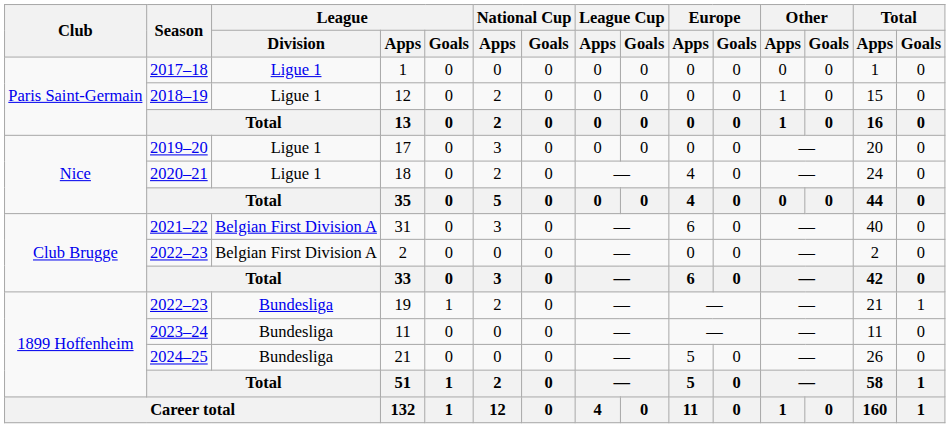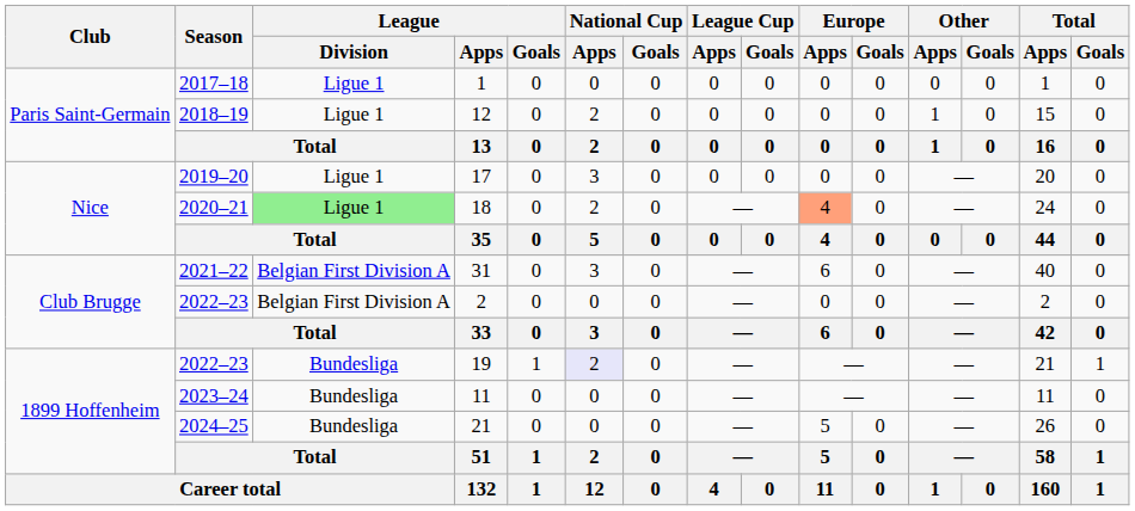 <table class="wikitable" style="text-align: center;">
 <tr>
 <th rowspan="2">Club</th>
 <th rowspan="2">Season</th>
 <th colspan="3">League</th>
 <th colspan="2">National Cup</th>
 <th colspan="2">League Cup</th>
 <th colspan="2">Europe</th>
 <th colspan="2">Other</th>
 <th colspan="2">Total</th>
 </tr>
 <tr>
 <th>Division</th>
 <th>Apps</th>
 <th>Goals</th>
 <th>Apps</th>
 <th>Goals</th>
 <th>Apps</th>
 <th>Goals</th>
 <th>Apps</th>
 <th>Goals</th>
 <th>Apps</th>
 <th>Goals</th>
 <th>Apps</th>
 <th>Goals</th>
 </tr>
 <tr>
 <td rowspan="3" valign="center"><a href='#'>Paris Saint-Germain</a></td>
 <td><a href='#'>2017–18</a></td>
 <td><a href='#'>Ligue 1</a></td>
 <td>1</td>
 <td>0</td>
 <td>0</td>
 <td>0</td>
 <td>0</td>
 <td>0</td>
 <td>0</td>
 <td>0</td>
 <td>0</td>
 <td>0</td>
 <td>1</td>
 <td>0</td>
 </tr>
 <tr>
 <td><a href='#'>2018–19</a></td>
 <td>Ligue 1</td>
 <td>12</td>
 <td>0</td>
 <td>2</td>
 <td>0</td>
 <td>0</td>
 <td>0</td>
 <td>0</td>
 <td>0</td>
 <td>1</td>
 <td>0</td>
 <td>15</td>
 <td>0</td>
 </tr>
 <tr>
 <th colspan="2">Total</th>
 <th>13</th>
 <th>0</th>
 <th>2</th>
 <th>0</th>
 <th>0</th>
 <th>0</th>
 <th>0</th>
 <th>0</th>
 <th>1</th>
 <th>0</th>
 <th>16</th>
 <th>0</th>
 </tr>
 <tr>
 <td rowspan="3" valign="center"><a href='#'>Nice</a></td>
 <td><a href='#'>2019–20</a></td>
 <td>Ligue 1</td>
 <td>17</td>
 <td>0</td>
 <td>3</td>
 <td>0</td>
 <td>0</td>
 <td>0</td>
 <td>0</td>
 <td>0</td>
 <td colspan="2">—</td>
 <td>20</td>
 <td>0</td>
 </tr>
 <tr>
 <td><a href='#'>2020–21</a></td>
-<td>Ligue 1</td>
+<td style="background: lightgreen;">Ligue 1</td>
 <td>18</td>
 <td>0</td>
 <td>2</td>
 <td>0</td>
 <td colspan="2">—</td>
-<td>4</td>
+<td style="background: lightsalmon;">4</td>
 <td>0</td>
 <td colspan="2">—</td>
 <td>24</td>
 <td>0</td>
 </tr>
 <tr>
 <th colspan="2">Total</th>
 <th>35</th>
 <th>0</th>
 <th>5</th>
 <th>0</th>
 <th>0</th>
 <th>0</th>
 <th>4</th>
 <th>0</th>
 <th>0</th>
 <th>0</th>
 <th>44</th>
 <th>0</th>
 </tr>
 <tr>
 <td rowspan="3"><a href='#'>Club Brugge</a></td>
 <td><a href='#'>2021–22</a></td>
 <td><a href='#'>Belgian First Division A</a></td>
 <td>31</td>
 <td>0</td>
 <td>3</td>
 <td>0</td>
 <td colspan="2">—</td>
 <td>6</td>
 <td>0</td>
 <td colspan="2">—</td>
 <td>40</td>
 <td>0</td>
 </tr>
 <tr>
 <td><a href='#'>2022–23</a></td>
 <td>Belgian First Division A</td>
 <td>2</td>
 <td>0</td>
 <td>0</td>
 <td>0</td>
 <td colspan="2">—</td>
 <td>0</td>
 <td>0</td>
 <td colspan="2">—</td>
 <td>2</td>
 <td>0</td>
 </tr>
 <tr>
 <th colspan="2">Total</th>
 <th>33</th>
 <th>0</th>
 <th>3</th>
 <th>0</th>
 <th colspan="2">—</th>
 <th>6</th>
 <th>0</th>
 <th colspan="2">—</th>
 <th>42</th>
 <th>0</th>
 </tr>
 <tr>
 <td rowspan="4"><a href='#'>1899 Hoffenheim</a></td>
 <td><a href='#'>2022–23</a></td>
 <td><a href='#'>Bundesliga</a></td>
 <td>19</td>
 <td>1</td>
-<td>2</td>
+<td style="background: lavender;">2</td>
 <td>0</td>
 <td colspan="2">—</td>
 <td colspan="2">—</td>
 <td colspan="2">—</td>
 <td>21</td>
 <td>1</td>
 </tr>
 <tr>
 <td><a href='#'>2023–24</a></td>
 <td>Bundesliga</td>
 <td>11</td>
 <td>0</td>
 <td>0</td>
 <td>0</td>
 <td colspan="2">—</td>
 <td colspan="2">—</td>
 <td colspan="2">—</td>
 <td>11</td>
 <td>0</td>
 </tr>
 <tr>
 <td><a href='#'>2024–25</a></td>
 <td>Bundesliga</td>
 <td>21</td>
 <td>0</td>
 <td>0</td>
 <td>0</td>
 <td colspan="2">—</td>
 <td>5</td>
 <td>0</td>
 <td colspan="2">—</td>
 <td>26</td>
 <td>0</td>
 </tr>
 <tr>
 <th colspan="2">Total</th>
 <th>51</th>
 <th>1</th>
 <th>2</th>
 <th>0</th>
 <th colspan="2">—</th>
 <th>5</th>
 <th>0</th>
 <th colspan="2">—</th>
 <th>58</th>
 <th>1</th>
 </tr>
 <tr>
 <th colspan="3">Career total</th>
 <th>132</th>
 <th>1</th>
 <th>12</th>
 <th>0</th>
 <th>4</th>
 <th>0</th>
 <th>11</th>
 <th>0</th>
 <th>1</th>
 <th>0</th>
 <th>160</th>
 <th>1</th>
 </tr>
 </table>
